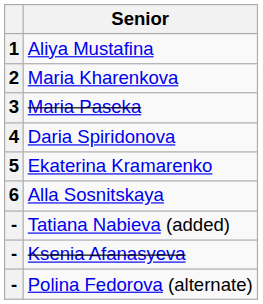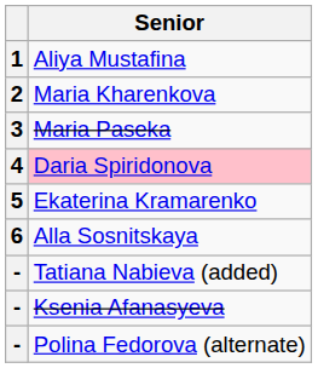 <table class="wikitable">
 <tr>
 <th></th>
 <th>Senior</th>
 </tr>
 <tr>
 <th>1</th>
 <td><a href='#'>Aliya Mustafina</a></td>
 </tr>
 <tr>
 <th>2</th>
 <td><a href='#'>Maria Kharenkova</a></td>
 </tr>
 <tr>
 <th>3</th>
 <td><s><a href='#'>Maria Paseka</a></s></td>
 </tr>
 <tr>
 <th>4</th>
-<td><a href='#'>Daria Spiridonova</a></td>
+<td style="background: pink;"><a href='#'>Daria Spiridonova</a></td>
 </tr>
 <tr>
 <th>5</th>
 <td><a href='#'>Ekaterina Kramarenko</a></td>
 </tr>
 <tr>
 <th>6</th>
 <td><a href='#'>Alla Sosnitskaya</a></td>
 </tr>
 <tr>
 <th>-</th>
 <td><a href='#'>Tatiana Nabieva</a> (added)</td>
 </tr>
 <tr>
 <th>-</th>
 <td><s><a href='#'>Ksenia Afanasyeva</a></s></td>
 </tr>
 <tr>
 <th>-</th>
 <td><a href='#'>Polina Fedorova</a> (alternate)</td>
 </tr>
 </table>
